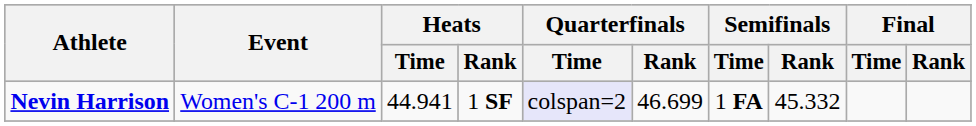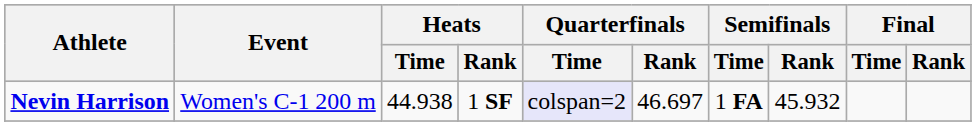 <table class=wikitable style="font-size:90%">
 <tr>
 <th rowspan=2>Athlete</th>
 <th rowspan=2>Event</th>
 <th colspan=2>Heats</th>
 <th colspan=2>Quarterfinals</th>
 <th colspan=2>Semifinals</th>
 <th colspan=2>Final</th>
 </tr>
 <tr style=font-size:95%>
 <th>Time</th>
 <th>Rank</th>
 <th>Time</th>
 <th>Rank</th>
 <th>Time</th>
 <th>Rank</th>
 <th>Time</th>
 <th>Rank</th>
 </tr>
 <tr align=center>
 <td align=left><strong><a href='#'>Nevin Harrison</a></strong></td>
 <td align=left><a href='#'>Women's C-1 200 m</a></td>
-<td>44.941</td>
+<td>44.938</td>
 <td>1 <strong>SF</strong></td>
 <td style="background: lavender;">colspan=2 </td>
-<td>46.699</td>
+<td>46.697</td>
 <td>1 <strong>FA</strong></td>
-<td>45.332</td>
+<td>45.932</td>
 <td></td>
 </tr>
 </table>
